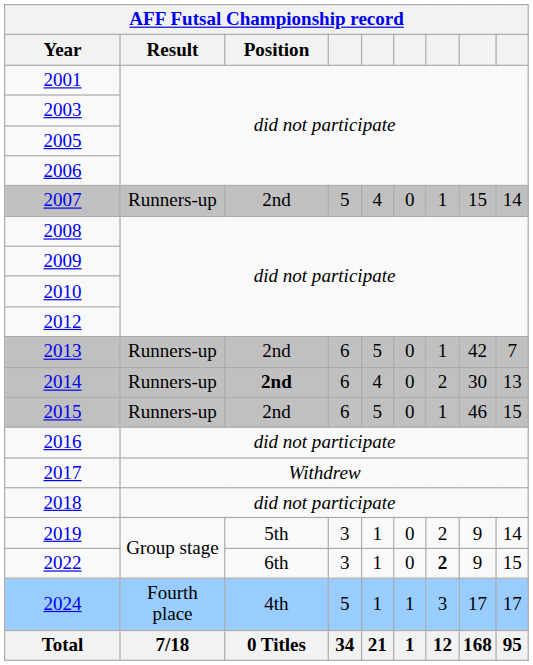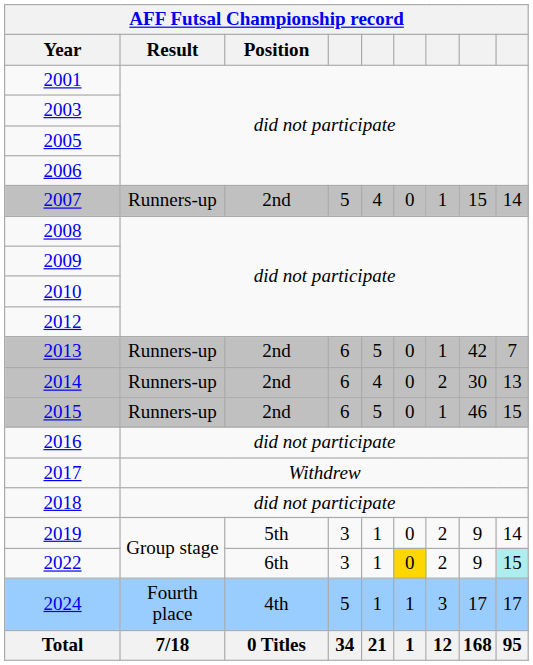 <table class="wikitable" style="text-align: center;">
 <tr>
 <th colspan="9"><a href='#'>AFF Futsal Championship record</a></th>
 </tr>
 <tr>
 <th width="90">Year</th>
 <th width="80">Result</th>
 <th width="80">Position</th>
 <th width="20"></th>
 <th width="20"></th>
 <th width="20"></th>
 <th width="20"></th>
 <th width="20"></th>
 <th width="20"></th>
 </tr>
 <tr>
 <td> <a href='#'>2001</a></td>
 <td colspan="8" rowspan="4"><em>did not participate</em></td>
 </tr>
 <tr>
 <td> <a href='#'>2003</a></td>
 </tr>
 <tr>
 <td> <a href='#'>2005</a></td>
 </tr>
 <tr>
 <td> <a href='#'>2006</a></td>
 </tr>
 <tr style="background:Silver;">
 <td> <a href='#'>2007</a></td>
 <td>Runners-up</td>
 <td>2nd</td>
 <td>5</td>
 <td>4</td>
 <td>0</td>
 <td>1</td>
 <td>15</td>
 <td>14</td>
 </tr>
 <tr>
 <td> <a href='#'>2008</a></td>
 <td colspan=8 rowspan=4><em>did not participate</em></td>
 </tr>
 <tr>
 <td> <a href='#'>2009</a></td>
 </tr>
 <tr>
 <td> <a href='#'>2010</a></td>
 </tr>
 <tr>
 <td> <a href='#'>2012</a></td>
 </tr>
 <tr style="background:Silver;">
 <td> <a href='#'>2013</a></td>
 <td>Runners-up</td>
 <td>2nd</td>
 <td>6</td>
 <td>5</td>
 <td>0</td>
 <td>1</td>
 <td>42</td>
 <td>7</td>
 </tr>
 <tr style="background:Silver;">
 <td> <a href='#'>2014</a></td>
 <td>Runners-up</td>
-<td><strong>2nd</strong></td>
+<td>2nd</td>
 <td>6</td>
 <td>4</td>
 <td>0</td>
 <td>2</td>
 <td>30</td>
 <td>13</td>
 </tr>
 <tr style="background:Silver;">
 <td> <a href='#'>2015</a></td>
 <td>Runners-up</td>
 <td>2nd</td>
 <td>6</td>
 <td>5</td>
 <td>0</td>
 <td>1</td>
 <td>46</td>
 <td>15</td>
 </tr>
 <tr>
 <td> <a href='#'>2016</a></td>
 <td colspan=8><em>did not participate</em></td>
 </tr>
 <tr>
 <td> <a href='#'>2017</a></td>
 <td colspan=8><em>Withdrew</em></td>
 </tr>
 <tr>
 <td> <a href='#'>2018</a></td>
 <td colspan=8><em>did not participate</em></td>
 </tr>
 <tr>
 <td> <a href='#'>2019</a></td>
 <td rowspan=2>Group stage</td>
 <td>5th</td>
 <td>3</td>
 <td>1</td>
 <td>0</td>
 <td>2</td>
 <td>9</td>
 <td>14</td>
 </tr>
 <tr>
 <td> <a href='#'>2022</a></td>
 <td>6th</td>
 <td>3</td>
 <td>1</td>
-<td>0</td>
-<td><strong>2</strong></td>
+<td style="background: gold;">0</td>
+<td>2</td>
 <td>9</td>
-<td>15</td>
+<td style="background: paleturquoise;">15</td>
 </tr>
 <tr style="background:#9acdff;">
 <td> <a href='#'>2024</a></td>
 <td>Fourth place</td>
 <td>4th</td>
 <td>5</td>
 <td>1</td>
 <td>1</td>
 <td>3</td>
 <td>17</td>
 <td>17</td>
 </tr>
 <tr>
 <th>Total</th>
 <th>7/18</th>
 <th>0 Titles</th>
 <th>34</th>
 <th>21</th>
 <th>1</th>
 <th>12</th>
 <th>168</th>
 <th>95</th>
 </tr>
 </table>
